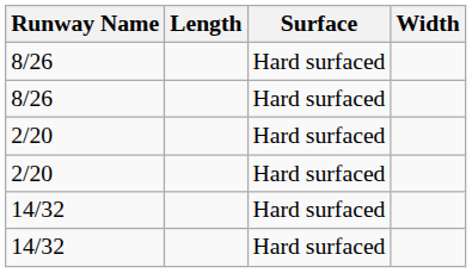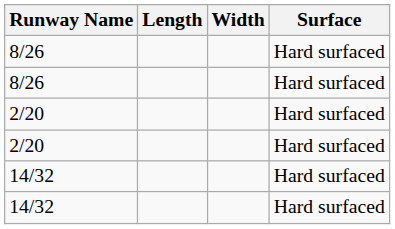 <table class="wikitable">
 <tr>
 <th>Runway Name</th>
 <th>Length</th>
+<th>Width</th>
 <th>Surface</th>
-<th>Width</th>
 </tr>
 <tr>
 <td>8/26</td>
 <td></td>
+<td></td>
 <td>Hard surfaced</td>
-<td></td>
 </tr>
 <tr>
 <td>8/26</td>
 <td></td>
+<td></td>
 <td>Hard surfaced</td>
-<td></td>
 </tr>
 <tr>
 <td>2/20</td>
 <td></td>
+<td></td>
 <td>Hard surfaced</td>
-<td></td>
 </tr>
 <tr>
 <td>2/20</td>
 <td></td>
+<td></td>
 <td>Hard surfaced</td>
-<td></td>
 </tr>
 <tr>
 <td>14/32</td>
 <td></td>
+<td></td>
 <td>Hard surfaced</td>
-<td></td>
 </tr>
 <tr>
 <td>14/32</td>
 <td></td>
+<td></td>
 <td>Hard surfaced</td>
-<td></td>
 </tr>
 </table>
